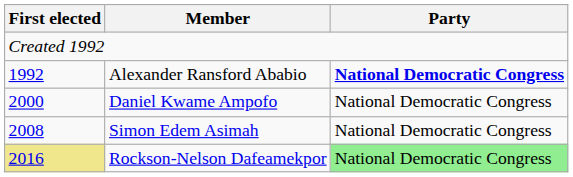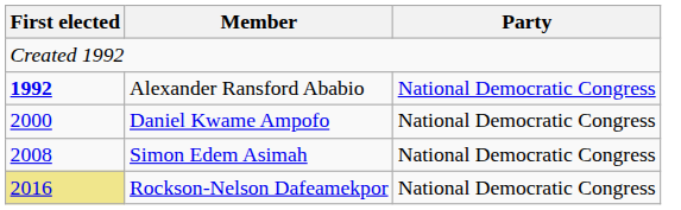 <table class="wikitable">
 <tr>
 <th>First elected</th>
 <th>Member</th>
 <th>Party</th>
 </tr>
 <tr>
 <td colspan=3><em>Created 1992</em></td>
 </tr>
 <tr>
-<td><a href='#'>1992</a></td>
+<td><strong><a href='#'>1992</a></strong></td>
 <td>Alexander Ransford Ababio</td>
-<td><strong><a href='#'>National Democratic Congress</a></strong></td>
+<td><a href='#'>National Democratic Congress</a></td>
 </tr>
 <tr>
 <td><a href='#'>2000</a></td>
 <td><a href='#'>Daniel Kwame Ampofo</a></td>
 <td>National Democratic Congress</td>
 </tr>
 <tr>
 <td><a href='#'>2008</a></td>
 <td><a href='#'>Simon Edem Asimah</a></td>
 <td>National Democratic Congress</td>
 </tr>
 <tr>
 <td style="background: khaki;"><a href='#'>2016</a></td>
 <td><a href='#'>Rockson-Nelson Dafeamekpor</a></td>
-<td style="background: lightgreen;">National Democratic Congress</td>
+<td>National Democratic Congress</td>
 </tr>
 </table>
